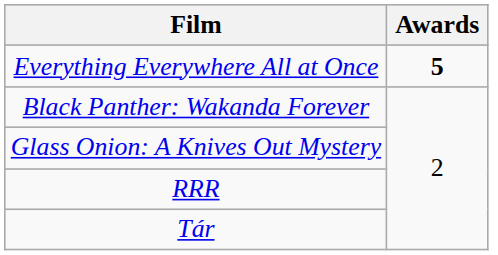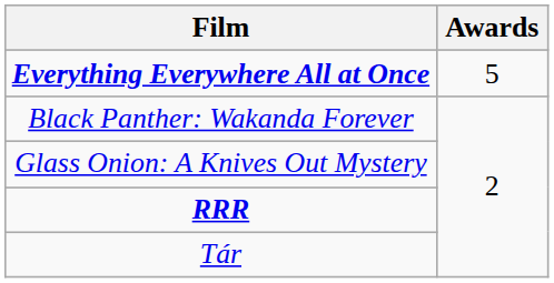 <table class="wikitable" rowspan="2" style="text-align:center" background: #f6e39c;>
 <tr>
 <th scope="col" style="text-align:center">Film</th>
 <th scope="col" style="width:55px">Awards</th>
 </tr>
 <tr>
-<td><em><a href='#'>Everything Everywhere All at Once</a></em></td>
-<td style="text-align:center"><strong>5</strong></td>
+<td><strong><em><a href='#'>Everything Everywhere All at Once</a></em></strong></td>
+<td style="text-align:center">5</td>
 </tr>
 <tr>
 <td><em><a href='#'>Black Panther: Wakanda Forever</a></em></td>
 <td rowspan="4" style="text-align:center">2</td>
 </tr>
 <tr>
 <td><em><a href='#'>Glass Onion: A Knives Out Mystery</a></em></td>
 </tr>
 <tr>
-<td><em><a href='#'>RRR</a></em></td>
+<td><strong><em><a href='#'>RRR</a></em></strong></td>
 </tr>
 <tr>
 <td><em><a href='#'>Tár</a></em></td>
 </tr>
 </table>
